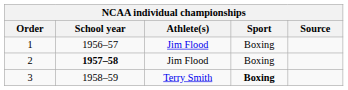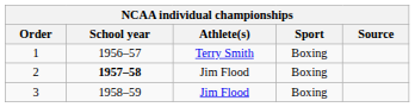 <table class="wikitable sortable collapsible collapsed" width="60%">
 <tr align="center">
 <th colspan=5>NCAA individual championships</th>
 </tr>
 <tr>
 <th>Order</th>
 <th>School year</th>
 <th>Athlete(s)</th>
 <th>Sport</th>
 <th>Source</th>
 </tr>
 <tr align="center" bgcolor="">
 <td>1</td>
 <td>1956–57</td>
-<td><a href='#'>Jim Flood</a></td>
+<td><a href='#'>Terry Smith</a></td>
 <td>Boxing</td>
 <td></td>
 </tr>
 <tr align="center" bgcolor="">
 <td>2</td>
 <td><strong>1957–58</strong></td>
 <td>Jim Flood</td>
 <td>Boxing</td>
 <td></td>
 </tr>
 <tr align="center" bgcolor="">
 <td>3</td>
 <td>1958–59</td>
-<td><a href='#'>Terry Smith</a></td>
-<td><strong>Boxing</strong></td>
+<td><a href='#'>Jim Flood</a></td>
+<td>Boxing</td>
 <td></td>
 </tr>
 </table>
